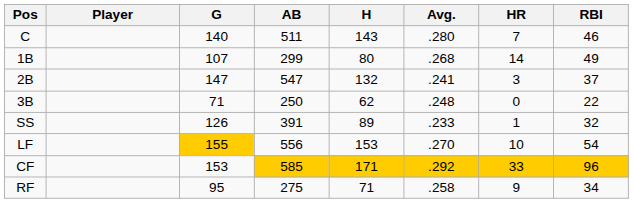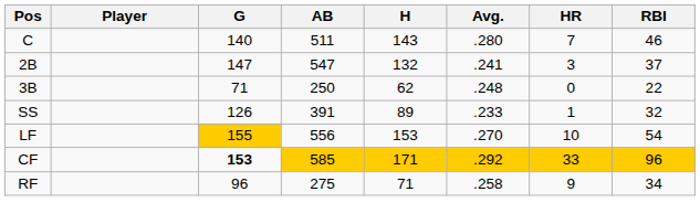 <table class="wikitable sortable">
 <tr>
 <th bgcolor="#DDDDFF" width="5%">Pos</th>
 <th bgcolor="#DDDDFF" width="16%">Player</th>
 <th bgcolor="#DDDDFF" width="9%">G</th>
 <th bgcolor="#DDDDFF" width="9%">AB</th>
 <th bgcolor="#DDDDFF" width="9%">H</th>
 <th bgcolor="#DDDDFF" width="9%">Avg.</th>
 <th bgcolor="#DDDDFF" width="9%">HR</th>
 <th bgcolor="#DDDDFF" width="9%">RBI</th>
 </tr>
 <tr align="center">
 <td>C</td>
 <td></td>
 <td>140</td>
 <td>511</td>
 <td>143</td>
 <td>.280</td>
 <td>7</td>
 <td>46</td>
-</tr>
-<tr align="center">
-<td>1B</td>
-<td></td>
-<td>107</td>
-<td>299</td>
-<td>80</td>
-<td>.268</td>
-<td>14</td>
-<td>49</td>
 </tr>
 <tr align="center">
 <td>2B</td>
 <td></td>
 <td>147</td>
 <td>547</td>
 <td>132</td>
 <td>.241</td>
 <td>3</td>
 <td>37</td>
 </tr>
 <tr align="center">
 <td>3B</td>
 <td></td>
 <td>71</td>
 <td>250</td>
 <td>62</td>
 <td>.248</td>
 <td>0</td>
 <td>22</td>
 </tr>
 <tr align="center">
 <td>SS</td>
 <td></td>
 <td>126</td>
 <td>391</td>
 <td>89</td>
 <td>.233</td>
 <td>1</td>
 <td>32</td>
 </tr>
 <tr align="center">
 <td>LF</td>
 <td></td>
 <td style="background:#fc0;">155</td>
 <td>556</td>
 <td>153</td>
 <td>.270</td>
 <td>10</td>
 <td>54</td>
 </tr>
 <tr align="center">
 <td>CF</td>
 <td></td>
-<td>153</td>
+<td><strong>153</strong></td>
 <td style="background:#fc0;">585</td>
 <td style="background:#fc0;">171</td>
 <td style="background:#fc0;">.292</td>
 <td style="background:#fc0;">33</td>
 <td style="background:#fc0;">96</td>
 </tr>
 <tr align="center">
 <td>RF</td>
 <td></td>
-<td>95</td>
+<td>96</td>
 <td>275</td>
 <td>71</td>
 <td>.258</td>
 <td>9</td>
 <td>34</td>
 </tr>
 </table>
